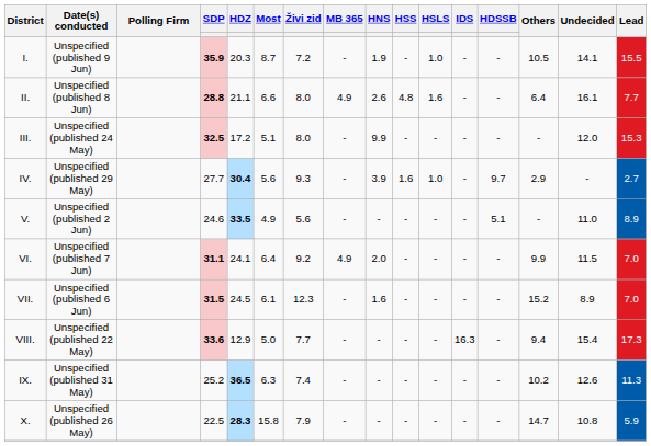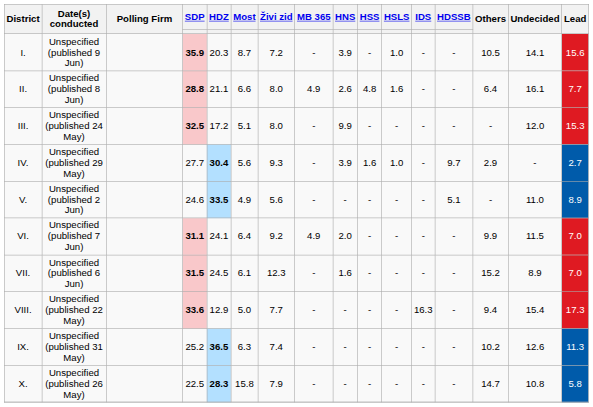 <table class="wikitable" style="text-align:center;">
 <tr style="height:42px;">
 <th style="width:50px;" rowspan="2">District</th>
 <th style="width:100px;" rowspan="2">Date(s) conducted</th>
 <th style="width:120px;" rowspan="2">Polling Firm</th>
 <th><a href='#'><span>SDP</span></a></th>
 <th><a href='#'><span>HDZ</span></a></th>
 <th><a href='#'><span>Most</span></a></th>
 <th><a href='#'><span>Živi zid</span></a></th>
 <th><a href='#'><span>MB 365</span></a></th>
 <th><a href='#'><span>HNS</span></a></th>
 <th><a href='#'><span>HSS</span></a></th>
 <th><a href='#'><span>HSLS</span></a></th>
 <th><a href='#'><span>IDS</span></a></th>
 <th><a href='#'><span>HDSSB</span></a></th>
 <th style="width:35px;" rowspan="2">Others</th>
 <th style="width:35px;" rowspan="2">Undecided</th>
 <th style="width:20px;" rowspan="2">Lead</th>
 </tr>
 <tr>
 <th style="background:"></th>
 <th style="background:"></th>
 <th style="background:"></th>
 <th style="background:"></th>
 <th style="background:"></th>
 <th style="background:"></th>
 <th style="background:"></th>
 <th style="background:"></th>
 <th style="background:"></th>
 <th style="background:"></th>
 </tr>
 <tr>
 <td>I.</td>
 <td>Unspecified (published 9 Jun)</td>
 <td></td>
 <td style="background:#F9C8CA"><strong>35.9</strong></td>
 <td>20.3</td>
 <td>8.7</td>
 <td>7.2</td>
 <td>-</td>
-<td>1.9</td>
+<td>3.9</td>
 <td>-</td>
 <td>1.0</td>
 <td>-</td>
 <td>-</td>
 <td>10.5</td>
 <td>14.1</td>
-<td style="background:#DF1A22; color:white;">15.5</td>
+<td style="background:#DF1A22; color:white;">15.6</td>
 </tr>
 <tr>
 <td>II.</td>
 <td>Unspecified (published 8 Jun)</td>
 <td></td>
 <td style="background:#F9C8CA"><strong>28.8</strong></td>
 <td>21.1</td>
 <td>6.6</td>
 <td>8.0</td>
 <td>4.9</td>
 <td>2.6</td>
 <td>4.8</td>
 <td>1.6</td>
 <td>-</td>
 <td>-</td>
 <td>6.4</td>
 <td>16.1</td>
 <td style="background:#DF1A22; color:white;">7.7</td>
 </tr>
 <tr>
 <td>III.</td>
 <td>Unspecified (published 24 May)</td>
 <td></td>
 <td style="background:#F9C8CA"><strong>32.5</strong></td>
 <td>17.2</td>
 <td>5.1</td>
 <td>8.0</td>
 <td>-</td>
 <td>9.9</td>
 <td>-</td>
 <td>-</td>
 <td>-</td>
 <td>-</td>
 <td>-</td>
 <td>12.0</td>
 <td style="background:#DF1A22; color:white;">15.3</td>
 </tr>
 <tr>
 <td>IV.</td>
 <td>Unspecified (published 29 May)</td>
 <td></td>
 <td>27.7</td>
 <td style="background:#B3E0FF"><strong>30.4</strong></td>
 <td>5.6</td>
 <td>9.3</td>
 <td>-</td>
 <td>3.9</td>
 <td>1.6</td>
 <td>1.0</td>
 <td>-</td>
 <td>9.7</td>
 <td>2.9</td>
 <td>-</td>
 <td style="background:#005BAA; color:white;">2.7</td>
 </tr>
 <tr>
 <td>V.</td>
 <td>Unspecified (published 2 Jun)</td>
 <td></td>
 <td>24.6</td>
 <td style="background:#B3E0FF"><strong>33.5</strong></td>
 <td>4.9</td>
 <td>5.6</td>
 <td>-</td>
 <td>-</td>
 <td>-</td>
 <td>-</td>
 <td>-</td>
 <td>5.1</td>
 <td>-</td>
 <td>11.0</td>
 <td style="background:#005BAA; color:white;">8.9</td>
 </tr>
 <tr>
 <td>VI.</td>
 <td>Unspecified (published 7 Jun)</td>
 <td></td>
 <td style="background:#F9C8CA"><strong>31.1</strong></td>
 <td>24.1</td>
 <td>6.4</td>
 <td>9.2</td>
 <td>4.9</td>
 <td>2.0</td>
 <td>-</td>
 <td>-</td>
 <td>-</td>
 <td>-</td>
 <td>9.9</td>
 <td>11.5</td>
 <td style="background:#DF1A22; color:white;">7.0</td>
 </tr>
 <tr>
 <td>VII.</td>
 <td>Unspecified (published 6 Jun)</td>
 <td></td>
 <td style="background:#F9C8CA"><strong>31.5</strong></td>
 <td>24.5</td>
 <td>6.1</td>
 <td>12.3</td>
 <td>-</td>
 <td>1.6</td>
 <td>-</td>
 <td>-</td>
 <td>-</td>
 <td>-</td>
 <td>15.2</td>
 <td>8.9</td>
 <td style="background:#DF1A22; color:white;">7.0</td>
 </tr>
 <tr>
 <td>VIII.</td>
 <td>Unspecified (published 22 May)</td>
 <td></td>
 <td style="background:#F9C8CA"><strong>33.6</strong></td>
 <td>12.9</td>
 <td>5.0</td>
 <td>7.7</td>
 <td>-</td>
 <td>-</td>
 <td>-</td>
 <td>-</td>
 <td>16.3</td>
 <td>-</td>
 <td>9.4</td>
 <td>15.4</td>
 <td style="background:#DF1A22; color:white;">17.3</td>
 </tr>
 <tr>
 <td>IX.</td>
 <td>Unspecified (published 31 May)</td>
 <td></td>
 <td>25.2</td>
 <td style="background:#B3E0FF"><strong>36.5</strong></td>
 <td>6.3</td>
 <td>7.4</td>
 <td>-</td>
 <td>-</td>
 <td>-</td>
 <td>-</td>
 <td>-</td>
 <td>-</td>
 <td>10.2</td>
 <td>12.6</td>
 <td style="background:#005BAA; color:white;">11.3</td>
 </tr>
 <tr>
 <td>X.</td>
 <td>Unspecified (published 26 May)</td>
 <td></td>
 <td>22.5</td>
 <td style="background:#B3E0FF"><strong>28.3</strong></td>
 <td>15.8</td>
 <td>7.9</td>
 <td>-</td>
 <td>-</td>
 <td>-</td>
 <td>-</td>
 <td>-</td>
 <td>-</td>
 <td>14.7</td>
 <td>10.8</td>
-<td style="background:#005BAA; color:white;">5.9</td>
+<td style="background:#005BAA; color:white;">5.8</td>
 </tr>
 <tr>
 </tr>
 </table>
